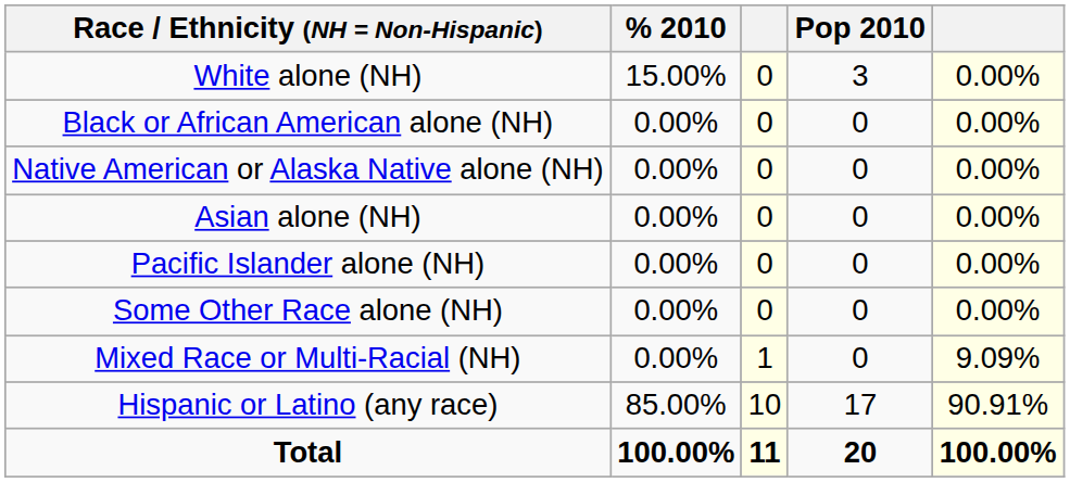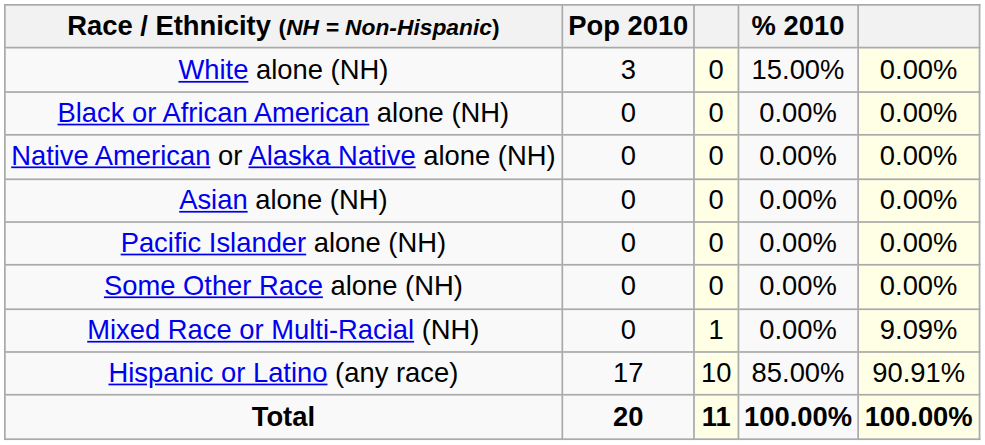 <table class="wikitable" style="text-align:center;">
 <tr>
 <th>Race / Ethnicity <small>(<em>NH = Non-Hispanic</em>)</small></th>
+<th>Pop 2010</th>
+<th></th>
 <th>% 2010</th>
-<th></th>
-<th>Pop 2010</th>
 <th></th>
 </tr>
 <tr>
 <td><a href='#'>White</a> alone (NH)</td>
+<td>3</td>
+<td style='background: #ffffe6;'>0</td>
 <td>15.00%</td>
-<td style='background: #ffffe6;'>0</td>
-<td>3</td>
 <td style='background: #ffffe6;'>0.00%</td>
 </tr>
 <tr>
 <td><a href='#'>Black or African American</a> alone (NH)</td>
+<td>0</td>
+<td style='background: #ffffe6;'>0</td>
 <td>0.00%</td>
-<td style='background: #ffffe6;'>0</td>
-<td>0</td>
 <td style='background: #ffffe6;'>0.00%</td>
 </tr>
 <tr>
 <td><a href='#'>Native American</a> or <a href='#'>Alaska Native</a> alone (NH)</td>
+<td>0</td>
+<td style='background: #ffffe6;'>0</td>
 <td>0.00%</td>
-<td style='background: #ffffe6;'>0</td>
-<td>0</td>
 <td style='background: #ffffe6;'>0.00%</td>
 </tr>
 <tr>
 <td><a href='#'>Asian</a> alone (NH)</td>
+<td>0</td>
+<td style='background: #ffffe6;'>0</td>
 <td>0.00%</td>
-<td style='background: #ffffe6;'>0</td>
-<td>0</td>
 <td style='background: #ffffe6;'>0.00%</td>
 </tr>
 <tr>
 <td><a href='#'>Pacific Islander</a> alone (NH)</td>
+<td>0</td>
+<td style='background: #ffffe6;'>0</td>
 <td>0.00%</td>
-<td style='background: #ffffe6;'>0</td>
-<td>0</td>
 <td style='background: #ffffe6;'>0.00%</td>
 </tr>
 <tr>
 <td><a href='#'>Some Other Race</a> alone (NH)</td>
+<td>0</td>
+<td style='background: #ffffe6;'>0</td>
 <td>0.00%</td>
-<td style='background: #ffffe6;'>0</td>
-<td>0</td>
 <td style='background: #ffffe6;'>0.00%</td>
 </tr>
 <tr>
 <td><a href='#'>Mixed Race or Multi-Racial</a> (NH)</td>
+<td>0</td>
+<td style='background: #ffffe6;'>1</td>
 <td>0.00%</td>
-<td style='background: #ffffe6;'>1</td>
-<td>0</td>
 <td style='background: #ffffe6;'>9.09%</td>
 </tr>
 <tr>
 <td><a href='#'>Hispanic or Latino</a> (any race)</td>
+<td>17</td>
+<td style='background: #ffffe6;'>10</td>
 <td>85.00%</td>
-<td style='background: #ffffe6;'>10</td>
-<td>17</td>
 <td style='background: #ffffe6;'>90.91%</td>
 </tr>
 <tr>
 <td><strong>Total</strong></td>
+<td><strong>20</strong></td>
+<td style='background: #ffffe6;'><strong>11</strong></td>
 <td><strong>100.00%</strong></td>
-<td style='background: #ffffe6;'><strong>11</strong></td>
-<td><strong>20</strong></td>
 <td style='background: #ffffe6;'><strong>100.00%</strong></td>
 </tr>
 </table>
